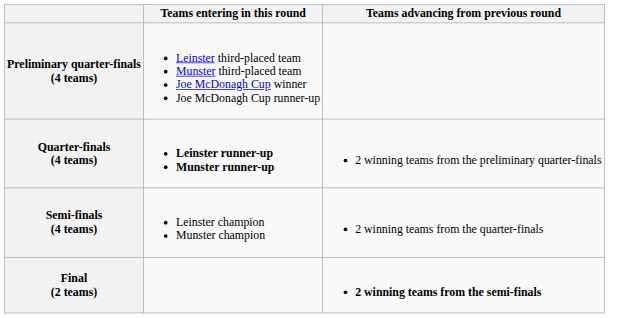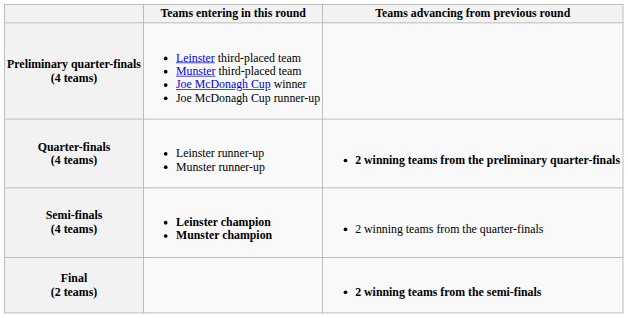 <table class="wikitable">
 <tr>
 <th colspan=2></th>
 <th>Teams entering in this round</th>
 <th>Teams advancing from previous round</th>
 </tr>
 <tr>
 <th colspan=2>Preliminary quarter-finals<br>(4 teams)</th>
 <td><br><ul><li><a href='#'>Leinster</a> third-placed team</li><li><a href='#'>Munster</a> third-placed team</li><li><a href='#'>Joe McDonagh Cup</a> winner</li><li>Joe McDonagh Cup runner-up</li></ul></td>
 <td></td>
 </tr>
 <tr>
 <th colspan=2>Quarter-finals<br>(4 teams)</th>
-<td><strong><br><ul><li>Leinster runner-up</li><li>Munster runner-up</li></ul></strong></td>
-<td><br><ul><li>2 winning teams from the preliminary quarter-finals</li></ul></td>
+<td><br><ul><li>Leinster runner-up</li><li>Munster runner-up</li></ul></td>
+<td><strong><br><ul><li>2 winning teams from the preliminary quarter-finals</li></ul></strong></td>
 </tr>
 <tr>
 <th colspan=2>Semi-finals<br>(4 teams)</th>
-<td><br><ul><li>Leinster champion</li><li>Munster champion</li></ul></td>
+<td><strong><br><ul><li>Leinster champion</li><li>Munster champion</li></ul></strong></td>
 <td><br><ul><li>2 winning teams from the quarter-finals</li></ul></td>
 </tr>
 <tr>
 <th colspan=2>Final<br>(2 teams)</th>
 <td></td>
 <td><strong><br><ul><li>2 winning teams from the semi-finals</li></ul></strong></td>
 </tr>
 </table>
